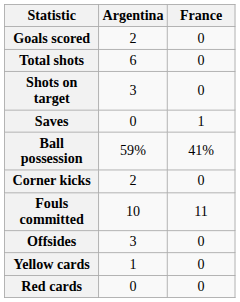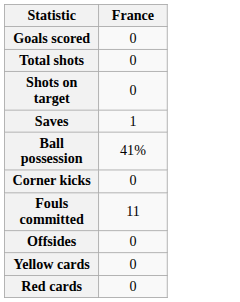 <table class="wikitable plainrowheaders" style="text-align:center; display:inline-table;">
 <tr>
 <th scope="col" style="width:100px">Statistic</th>
-<th scope="col" style="width:70px">Argentina</th>
 <th scope="col" style="width:70px">France</th>
 </tr>
 <tr>
 <th scope=row>Goals scored</th>
-<td>2</td>
 <td>0</td>
 </tr>
 <tr>
 <th scope=row>Total shots</th>
-<td>6</td>
 <td>0</td>
 </tr>
 <tr>
 <th scope=row>Shots on target</th>
-<td>3</td>
 <td>0</td>
 </tr>
 <tr>
 <th scope=row>Saves</th>
-<td>0</td>
 <td>1</td>
 </tr>
 <tr>
 <th scope=row>Ball possession</th>
-<td>59%</td>
 <td>41%</td>
 </tr>
 <tr>
 <th scope=row>Corner kicks</th>
-<td>2</td>
 <td>0</td>
 </tr>
 <tr>
 <th scope=row>Fouls committed</th>
-<td>10</td>
 <td>11</td>
 </tr>
 <tr>
 <th scope=row>Offsides</th>
-<td>3</td>
 <td>0</td>
 </tr>
 <tr>
 <th scope=row>Yellow cards</th>
-<td>1</td>
 <td>0</td>
 </tr>
 <tr>
 <th scope=row>Red cards</th>
 <td>0</td>
-<td>0</td>
 </tr>
 </table>
